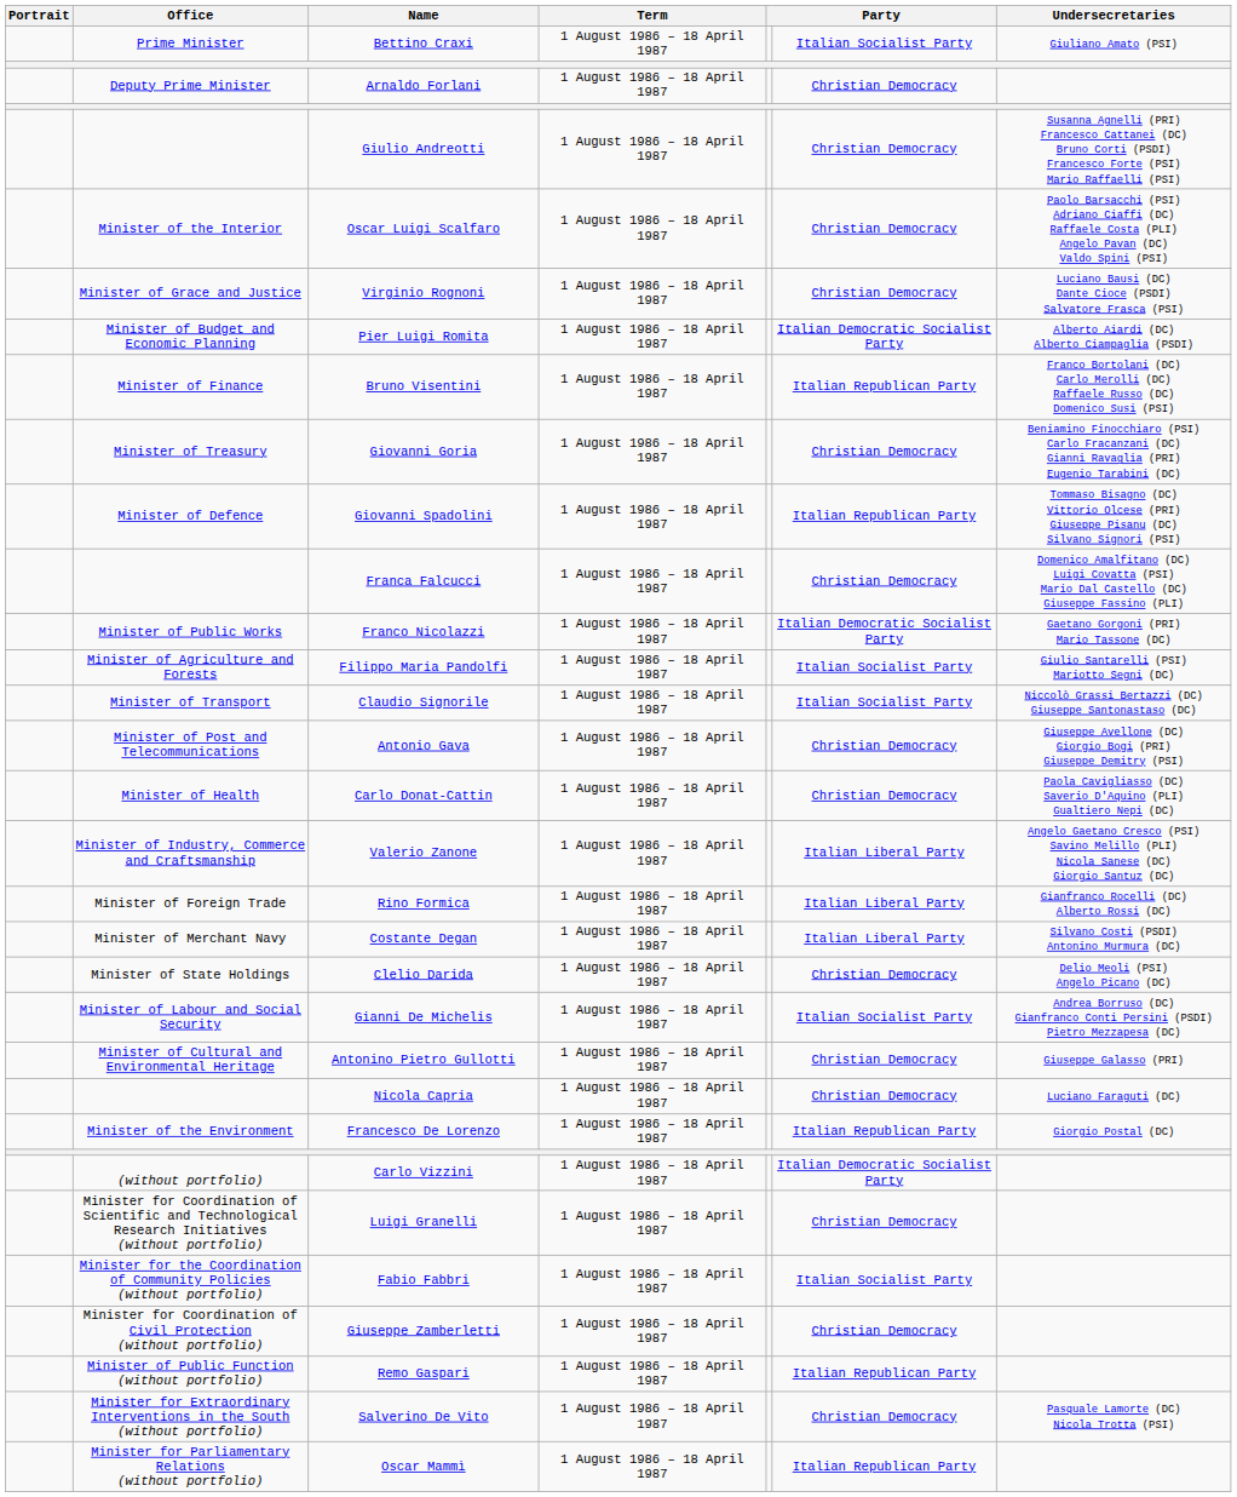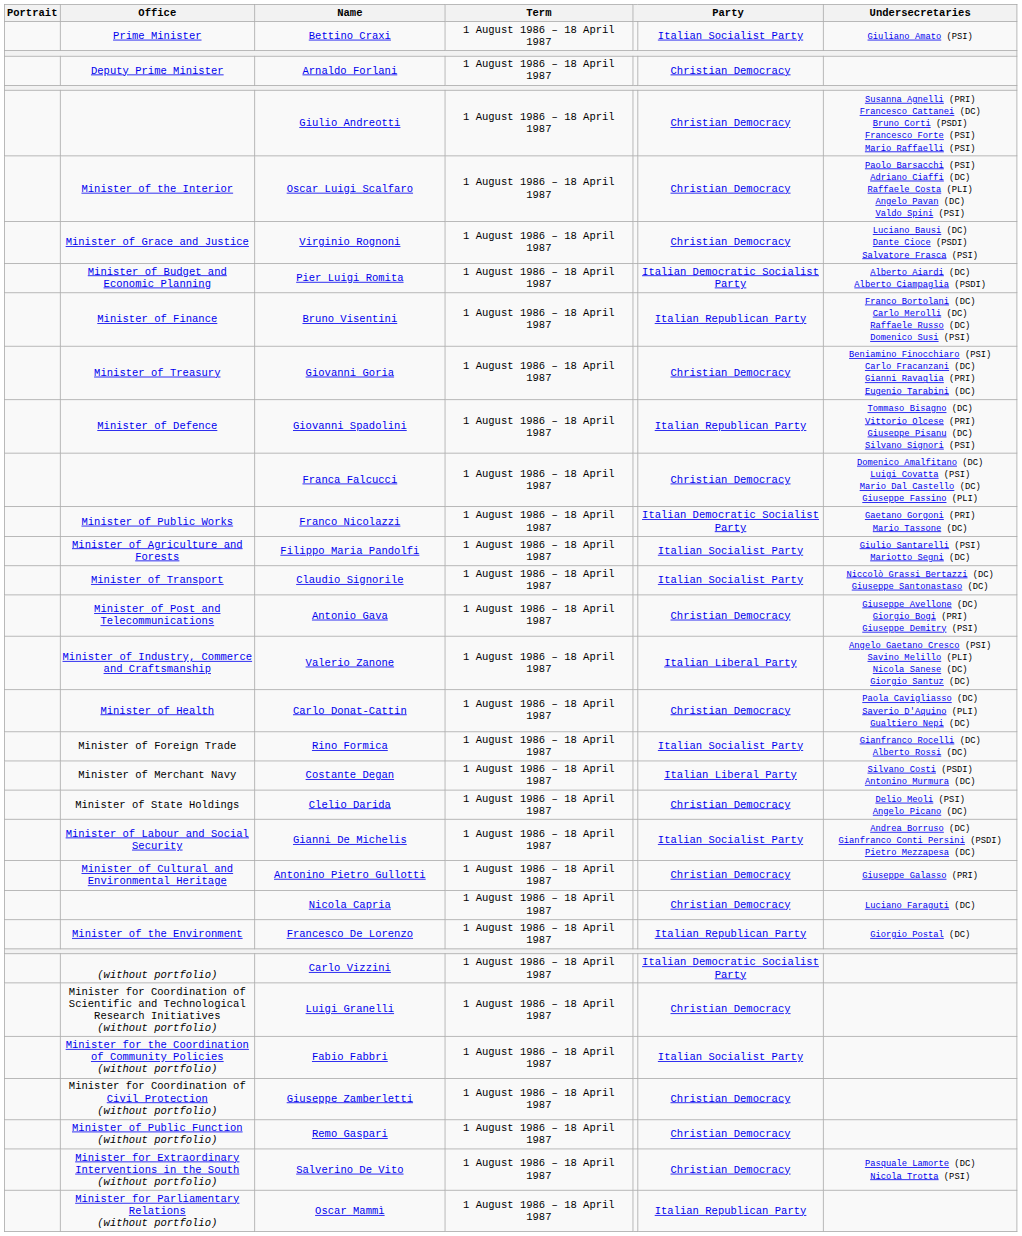 <table class="wikitable" style="text-align:center">
 <tr>
 <th>Portrait</th>
 <th width=20%>Office</th>
 <th width=20%>Name</th>
 <th width=20%>Term</th>
 <th width=20% colspan=2>Party</th>
 <th width=20%>Undersecretaries</th>
 </tr>
 <tr>
 <td></td>
 <td><a href='#'>Prime Minister</a></td>
 <td><a href='#'>Bettino Craxi</a></td>
 <td>1 August 1986 – 18 April 1987</td>
 <td style="background:"></td>
 <td><a href='#'>Italian Socialist Party</a></td>
 <td><small><a href='#'>Giuliano Amato</a> (PSI)</small></td>
 </tr>
 <tr>
 <th colspan="7"></th>
 </tr>
 <tr>
 <td></td>
 <td><a href='#'>Deputy Prime Minister</a></td>
 <td><a href='#'>Arnaldo Forlani</a></td>
 <td>1 August 1986 – 18 April 1987</td>
 <td style="background:"></td>
 <td><a href='#'>Christian Democracy</a></td>
 <td></td>
 </tr>
 <tr>
 <th colspan="7"></th>
 </tr>
 <tr>
 <td></td>
 <td></td>
 <td><a href='#'>Giulio Andreotti</a></td>
 <td>1 August 1986 – 18 April 1987</td>
 <td style="background:"></td>
 <td><a href='#'>Christian Democracy</a></td>
 <td><small><a href='#'>Susanna Agnelli</a> (PRI) <br> <a href='#'>Francesco Cattanei</a> (DC) <br> <a href='#'>Bruno Corti</a> (PSDI) <br> <a href='#'>Francesco Forte</a> (PSI) <br> <a href='#'>Mario Raffaelli</a> (PSI)</small></td>
 </tr>
 <tr>
 <td></td>
 <td><a href='#'>Minister of the Interior</a></td>
 <td><a href='#'>Oscar Luigi Scalfaro</a></td>
 <td>1 August 1986 – 18 April 1987</td>
 <td style="background:"></td>
 <td><a href='#'>Christian Democracy</a></td>
 <td><small><a href='#'>Paolo Barsacchi</a> (PSI) <br> <a href='#'>Adriano Ciaffi</a> (DC) <br> <a href='#'>Raffaele Costa</a> (PLI) <br> <a href='#'>Angelo Pavan</a> (DC) <br> <a href='#'>Valdo Spini</a> (PSI)</small></td>
 </tr>
 <tr>
 <td></td>
 <td><a href='#'>Minister of Grace and Justice</a></td>
 <td><a href='#'>Virginio Rognoni</a></td>
 <td>1 August 1986 – 18 April 1987</td>
 <td style="background:"></td>
 <td><a href='#'>Christian Democracy</a></td>
 <td><small><a href='#'>Luciano Bausi</a> (DC) <br> <a href='#'>Dante Cioce</a> (PSDI) <br> <a href='#'>Salvatore Frasca</a> (PSI)</small></td>
 </tr>
 <tr>
 <td></td>
 <td><a href='#'>Minister of Budget and Economic Planning</a></td>
 <td><a href='#'>Pier Luigi Romita</a></td>
 <td>1 August 1986 – 18 April 1987</td>
 <td style="background:"></td>
 <td><a href='#'>Italian Democratic Socialist Party</a></td>
 <td><small><a href='#'>Alberto Aiardi</a> (DC) <br> <a href='#'>Alberto Ciampaglia</a> (PSDI)</small></td>
 </tr>
 <tr>
 <td></td>
 <td><a href='#'>Minister of Finance</a></td>
 <td><a href='#'>Bruno Visentini</a></td>
 <td>1 August 1986 – 18 April 1987</td>
 <td style="background:"></td>
 <td><a href='#'>Italian Republican Party</a></td>
 <td><small><a href='#'>Franco Bortolani</a> (DC) <br> <a href='#'>Carlo Merolli</a> (DC) <br> <a href='#'>Raffaele Russo</a> (DC) <br> <a href='#'>Domenico Susi</a> (PSI)</small></td>
 </tr>
 <tr>
 <td></td>
 <td><a href='#'>Minister of Treasury</a></td>
 <td><a href='#'>Giovanni Goria</a></td>
 <td>1 August 1986 – 18 April 1987</td>
 <td style="background:"></td>
 <td><a href='#'>Christian Democracy</a></td>
 <td><small><a href='#'>Beniamino Finocchiaro</a> (PSI) <br> <a href='#'>Carlo Fracanzani</a> (DC) <br> <a href='#'>Gianni Ravaglia</a> (PRI) <br> <a href='#'>Eugenio Tarabini</a> (DC)</small></td>
 </tr>
 <tr>
 <td></td>
 <td><a href='#'>Minister of Defence</a></td>
 <td><a href='#'>Giovanni Spadolini</a></td>
 <td>1 August 1986 – 18 April 1987</td>
 <td style="background:"></td>
 <td><a href='#'>Italian Republican Party</a></td>
 <td><small><a href='#'>Tommaso Bisagno</a> (DC) <br> <a href='#'>Vittorio Olcese</a> (PRI) <br> <a href='#'>Giuseppe Pisanu</a> (DC) <br> <a href='#'>Silvano Signori</a> (PSI)</small></td>
 </tr>
 <tr>
 <td></td>
 <td></td>
 <td><a href='#'>Franca Falcucci</a></td>
 <td>1 August 1986 – 18 April 1987</td>
 <td style="background:"></td>
 <td><a href='#'>Christian Democracy</a></td>
 <td><small><a href='#'>Domenico Amalfitano</a> (DC) <br> <a href='#'>Luigi Covatta</a> (PSI) <br> <a href='#'>Mario Dal Castello</a> (DC) <br> <a href='#'>Giuseppe Fassino</a> (PLI)</small></td>
 </tr>
 <tr>
 <td></td>
 <td><a href='#'>Minister of Public Works</a></td>
 <td><a href='#'>Franco Nicolazzi</a></td>
 <td>1 August 1986 – 18 April 1987</td>
 <td style="background:"></td>
 <td><a href='#'>Italian Democratic Socialist Party</a></td>
 <td><small><a href='#'>Gaetano Gorgoni</a> (PRI) <br> <a href='#'>Mario Tassone</a> (DC)</small></td>
 </tr>
 <tr>
 <td></td>
 <td><a href='#'>Minister of Agriculture and Forests</a></td>
 <td><a href='#'>Filippo Maria Pandolfi</a></td>
 <td>1 August 1986 – 18 April 1987</td>
 <td style="background:"></td>
 <td><a href='#'>Italian Socialist Party</a></td>
 <td><small><a href='#'>Giulio Santarelli</a> (PSI) <br> <a href='#'>Mariotto Segni</a> (DC)</small></td>
 </tr>
 <tr>
 <td></td>
 <td><a href='#'>Minister of Transport</a></td>
 <td><a href='#'>Claudio Signorile</a></td>
 <td>1 August 1986 – 18 April 1987</td>
 <td style="background:"></td>
 <td><a href='#'>Italian Socialist Party</a></td>
 <td><small><a href='#'>Niccolò Grassi Bertazzi</a> (DC) <br> <a href='#'>Giuseppe Santonastaso</a> (DC)</small></td>
 </tr>
 <tr>
 <td></td>
 <td><a href='#'>Minister of Post and Telecommunications</a></td>
 <td><a href='#'>Antonio Gava</a></td>
 <td>1 August 1986 – 18 April 1987</td>
 <td style="background:"></td>
 <td><a href='#'>Christian Democracy</a></td>
 <td><small><a href='#'>Giuseppe Avellone</a> (DC) <br> <a href='#'>Giorgio Bogi</a> (PRI) <br> <a href='#'>Giuseppe Demitry</a> (PSI)</small></td>
 </tr>
 <tr>
 <td></td>
+<td><a href='#'>Minister of Industry, Commerce and Craftsmanship</a></td>
+<td><a href='#'>Valerio Zanone</a></td>
+<td>1 August 1986 – 18 April 1987</td>
+<td style="background:"></td>
+<td><a href='#'>Italian Liberal Party</a></td>
+<td><small><a href='#'>Angelo Gaetano Cresco</a> (PSI) <br> <a href='#'>Savino Melillo</a> (PLI) <br> <a href='#'>Nicola Sanese</a> (DC) <br> <a href='#'>Giorgio Santuz</a> (DC)</small></td>
+</tr>
+<tr>
+<td></td>
 <td><a href='#'>Minister of Health</a></td>
 <td><a href='#'>Carlo Donat-Cattin</a></td>
 <td>1 August 1986 – 18 April 1987</td>
 <td style="background:"></td>
 <td><a href='#'>Christian Democracy</a></td>
 <td><small><a href='#'>Paola Cavigliasso</a> (DC) <br> <a href='#'>Saverio D'Aquino</a> (PLI) <br> <a href='#'>Gualtiero Nepi</a> (DC)</small></td>
 </tr>
 <tr>
 <td></td>
-<td><a href='#'>Minister of Industry, Commerce and Craftsmanship</a></td>
-<td><a href='#'>Valerio Zanone</a></td>
-<td>1 August 1986 – 18 April 1987</td>
-<td style="background:"></td>
-<td><a href='#'>Italian Liberal Party</a></td>
-<td><small><a href='#'>Angelo Gaetano Cresco</a> (PSI) <br> <a href='#'>Savino Melillo</a> (PLI) <br> <a href='#'>Nicola Sanese</a> (DC) <br> <a href='#'>Giorgio Santuz</a> (DC)</small></td>
-</tr>
-<tr>
-<td></td>
 <td>Minister of Foreign Trade</td>
 <td><a href='#'>Rino Formica</a></td>
 <td>1 August 1986 – 18 April 1987</td>
 <td style="background:"></td>
-<td><a href='#'>Italian Liberal Party</a></td>
+<td><a href='#'>Italian Socialist Party</a></td>
 <td><small><a href='#'>Gianfranco Rocelli</a> (DC) <br> <a href='#'>Alberto Rossi</a> (DC)</small></td>
 </tr>
 <tr>
 <td></td>
 <td>Minister of Merchant Navy</td>
 <td><a href='#'>Costante Degan</a></td>
 <td>1 August 1986 – 18 April 1987</td>
 <td style="background:"></td>
 <td><a href='#'>Italian Liberal Party</a></td>
 <td><small><a href='#'>Silvano Costi</a> (PSDI) <br> <a href='#'>Antonino Murmura</a> (DC)</small></td>
 </tr>
 <tr>
 <td></td>
 <td>Minister of State Holdings</td>
 <td><a href='#'>Clelio Darida</a></td>
 <td>1 August 1986 – 18 April 1987</td>
 <td style="background:"></td>
 <td><a href='#'>Christian Democracy</a></td>
 <td><small><a href='#'>Delio Meoli</a> (PSI) <br> <a href='#'>Angelo Picano</a> (DC)</small></td>
 </tr>
 <tr>
 <td></td>
 <td><a href='#'>Minister of Labour and Social Security</a></td>
 <td><a href='#'>Gianni De Michelis</a></td>
 <td>1 August 1986 – 18 April 1987</td>
 <td style="background:"></td>
 <td><a href='#'>Italian Socialist Party</a></td>
 <td><small><a href='#'>Andrea Borruso</a> (DC) <br> <a href='#'>Gianfranco Conti Persini</a> (PSDI) <br> <a href='#'>Pietro Mezzapesa</a> (DC)</small></td>
 </tr>
 <tr>
 <td></td>
 <td><a href='#'>Minister of Cultural and Environmental Heritage</a></td>
 <td><a href='#'>Antonino Pietro Gullotti</a></td>
 <td>1 August 1986 – 18 April 1987</td>
 <td style="background:"></td>
 <td><a href='#'>Christian Democracy</a></td>
 <td><small><a href='#'>Giuseppe Galasso</a> (PRI)</small></td>
 </tr>
 <tr>
 <td></td>
 <td></td>
 <td><a href='#'>Nicola Capria</a></td>
 <td>1 August 1986 – 18 April 1987</td>
 <td style="background:"></td>
 <td><a href='#'>Christian Democracy</a></td>
 <td><small><a href='#'>Luciano Faraguti</a> (DC)</small></td>
 </tr>
 <tr>
 <td></td>
 <td><a href='#'>Minister of the Environment</a></td>
 <td><a href='#'>Francesco De Lorenzo</a></td>
 <td>1 August 1986 – 18 April 1987</td>
 <td style="background:"></td>
 <td><a href='#'>Italian Republican Party</a></td>
 <td><small><a href='#'>Giorgio Postal</a> (DC)</small></td>
 </tr>
 <tr>
 <th colspan="7"></th>
 </tr>
 <tr>
 <td></td>
 <td> <br> <em>(without portfolio)</em></td>
 <td><a href='#'>Carlo Vizzini</a></td>
 <td>1 August 1986 – 18 April 1987</td>
 <td style="background:"></td>
 <td><a href='#'>Italian Democratic Socialist Party</a></td>
 <td></td>
 </tr>
 <tr>
 <td></td>
 <td>Minister for Coordination of Scientific and Technological Research Initiatives <br> <em>(without portfolio)</em></td>
 <td><a href='#'>Luigi Granelli</a></td>
 <td>1 August 1986 – 18 April 1987</td>
 <td style="background:"></td>
 <td><a href='#'>Christian Democracy</a></td>
 <td></td>
 </tr>
 <tr>
 <td></td>
 <td><a href='#'>Minister for the Coordination of Community Policies</a> <br> <em>(without portfolio)</em></td>
 <td><a href='#'>Fabio Fabbri</a></td>
 <td>1 August 1986 – 18 April 1987</td>
 <td style="background:"></td>
 <td><a href='#'>Italian Socialist Party</a></td>
 <td></td>
 </tr>
 <tr>
 <td></td>
 <td>Minister for Coordination of <a href='#'>Civil Protection</a> <br> <em>(without portfolio)</em></td>
 <td><a href='#'>Giuseppe Zamberletti</a></td>
 <td>1 August 1986 – 18 April 1987</td>
 <td style="background:"></td>
 <td><a href='#'>Christian Democracy</a></td>
 <td></td>
 </tr>
 <tr>
 <td></td>
 <td><a href='#'>Minister of Public Function</a> <br> <em>(without portfolio)</em></td>
 <td><a href='#'>Remo Gaspari</a></td>
 <td>1 August 1986 – 18 April 1987</td>
 <td style="background:"></td>
-<td><a href='#'>Italian Republican Party</a></td>
+<td><a href='#'>Christian Democracy</a></td>
 <td></td>
 </tr>
 <tr>
 <td></td>
 <td><a href='#'>Minister for Extraordinary Interventions in the South</a> <br> <em>(without portfolio)</em></td>
 <td><a href='#'>Salverino De Vito</a></td>
 <td>1 August 1986 – 18 April 1987</td>
 <td style="background:"></td>
 <td><a href='#'>Christian Democracy</a></td>
 <td><small><a href='#'>Pasquale Lamorte</a> (DC) <br> <a href='#'>Nicola Trotta</a> (PSI)</small></td>
 </tr>
 <tr>
 <td></td>
 <td><a href='#'>Minister for Parliamentary Relations</a> <br> <em>(without portfolio)</em></td>
 <td><a href='#'>Oscar Mammì</a></td>
 <td>1 August 1986 – 18 April 1987</td>
 <td style="background:"></td>
 <td><a href='#'>Italian Republican Party</a></td>
 <td></td>
 </tr>
 </table>
